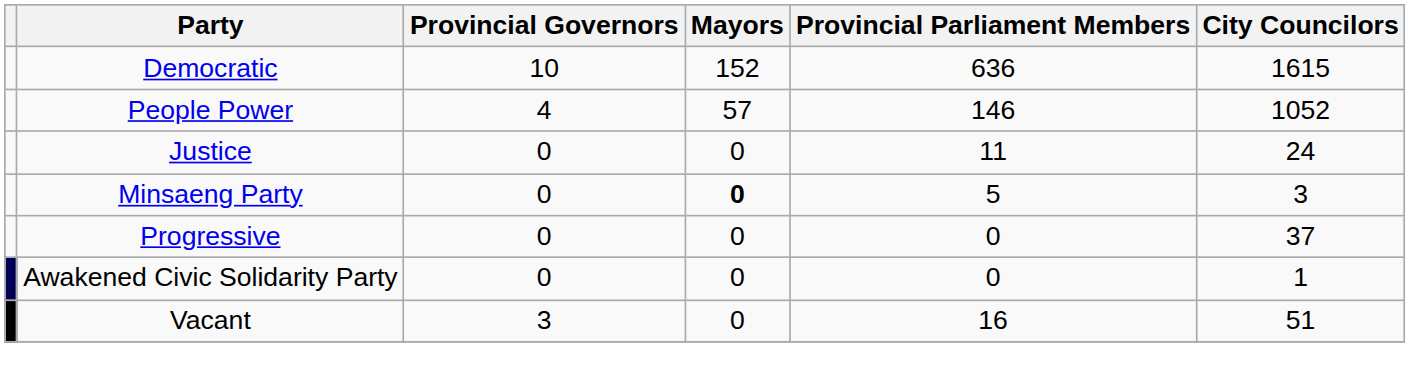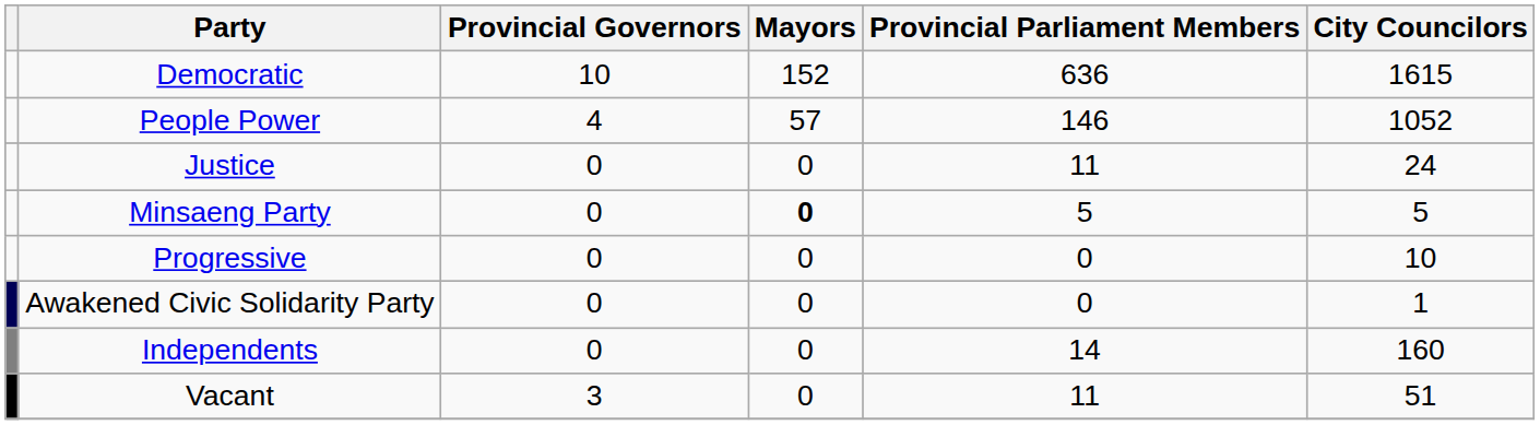 <table class="wikitable" style="text-align:center;">
 <tr>
 <th></th>
 <th>Party</th>
 <th>Provincial Governors</th>
 <th>Mayors</th>
 <th>Provincial Parliament Members</th>
 <th>City Councilors</th>
 </tr>
 <tr>
 <td style="background:"></td>
 <td><a href='#'>Democratic</a></td>
 <td>10</td>
 <td>152</td>
 <td>636</td>
 <td>1615</td>
 </tr>
 <tr>
 <td style="background:"></td>
 <td><a href='#'>People Power</a></td>
 <td>4</td>
 <td>57</td>
 <td>146</td>
 <td>1052</td>
 </tr>
 <tr>
 <td style="background:"></td>
 <td><a href='#'>Justice</a></td>
 <td>0</td>
 <td>0</td>
 <td>11</td>
 <td>24</td>
 </tr>
 <tr>
 <td style="background:"></td>
 <td><a href='#'>Minsaeng Party</a></td>
 <td>0</td>
 <td><strong>0</strong></td>
 <td>5</td>
-<td>3</td>
+<td>5</td>
 </tr>
 <tr>
 <td style="background-color: "></td>
 <td><a href='#'>Progressive</a></td>
 <td>0</td>
 <td>0</td>
 <td>0</td>
-<td>37</td>
+<td>10</td>
 </tr>
 <tr>
 <td style="background-color: #000056"></td>
 <td>Awakened Civic Solidarity Party</td>
 <td>0</td>
 <td>0</td>
 <td>0</td>
 <td>1</td>
 </tr>
 <tr>
+<td style="background-color: grey"></td>
+<td><a href='#'>Independents</a></td>
+<td>0</td>
+<td>0</td>
+<td>14</td>
+<td>160</td>
+</tr>
+<tr>
 <td style="background-color: black"></td>
 <td>Vacant</td>
 <td>3</td>
 <td>0</td>
-<td>16</td>
+<td>11</td>
 <td>51</td>
 </tr>
 <tr>
 </tr>
 </table>
